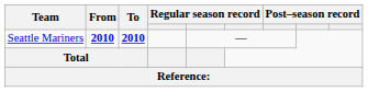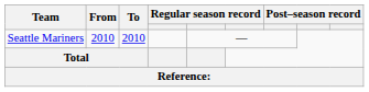 <table class="wikitable" Style="text-align: center;font-size:90%">
 <tr>
 <th rowspan="2">Team</th>
 <th rowspan="2">From</th>
 <th rowspan="2">To</th>
 <th colspan="3">Regular season record</th>
 <th colspan="3">Post–season record</th>
 </tr>
 <tr>
 <th></th>
 <th></th>
 <th></th>
 <th></th>
 <th></th>
 <th></th>
 </tr>
 <tr>
 <td><a href='#'>Seattle Mariners</a></td>
-<td><strong><a href='#'>2010</a></strong></td>
-<td><strong><a href='#'>2010</a></strong></td>
+<td><a href='#'>2010</a></td>
+<td><a href='#'>2010</a></td>
 <td></td>
 <td colspan="3">—</td>
 </tr>
 <tr>
 <th colspan="3">Total</th>
 <th></th>
 <th></th>
 </tr>
 <tr>
 <th colspan="9">Reference:</th>
 </tr>
 </table>
